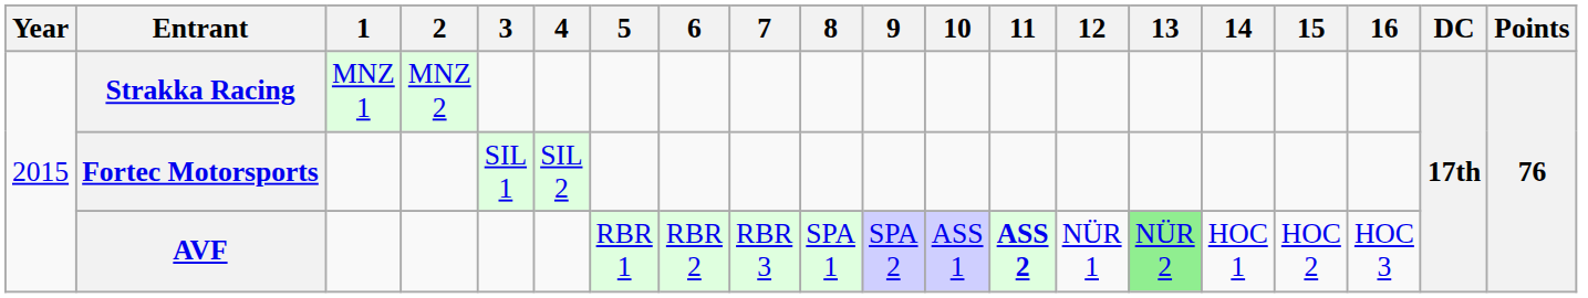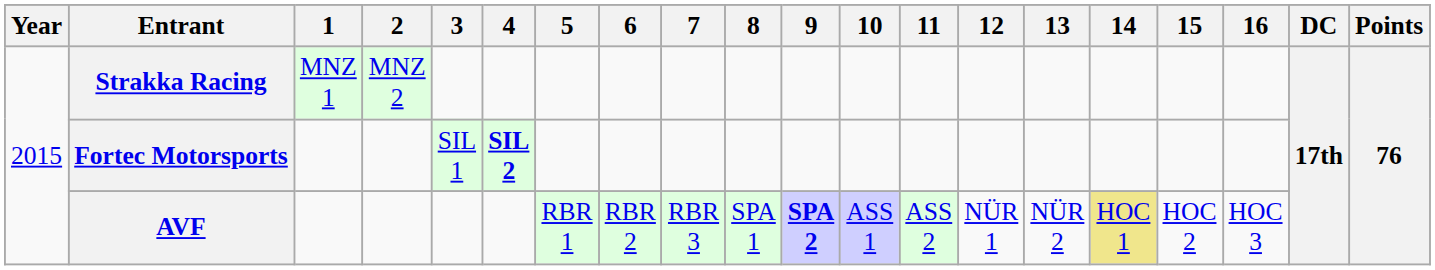 <table class="wikitable" style="text-align:center; font-size:85%">
 <tr>
 <th>Year</th>
 <th>Entrant</th>
 <th>1</th>
 <th>2</th>
 <th>3</th>
 <th>4</th>
 <th>5</th>
 <th>6</th>
 <th>7</th>
 <th>8</th>
 <th>9</th>
 <th>10</th>
 <th>11</th>
 <th>12</th>
 <th>13</th>
 <th>14</th>
 <th>15</th>
 <th>16</th>
 <th>DC</th>
 <th>Points</th>
 </tr>
 <tr>
 <td rowspan="3"><a href='#'>2015</a></td>
 <th nowrap><a href='#'>Strakka Racing</a></th>
 <td style="background:#dfffdf;"><a href='#'>MNZ<br>1</a><br></td>
 <td style="background:#dfffdf;"><a href='#'>MNZ<br>2</a><br></td>
 <td></td>
 <td></td>
 <td></td>
 <td></td>
 <td></td>
 <td></td>
 <td></td>
 <td></td>
 <td></td>
 <td></td>
 <td></td>
 <td></td>
 <td></td>
 <td></td>
 <th rowspan="3">17th</th>
 <th rowspan="3">76</th>
 </tr>
 <tr>
 <th nowrap><a href='#'>Fortec Motorsports</a></th>
 <td></td>
 <td></td>
 <td style="background:#dfffdf;"><a href='#'>SIL<br>1</a><br></td>
-<td style="background:#dfffdf;"><a href='#'>SIL<br>2</a><br></td>
+<td style="background:#dfffdf;"><strong><a href='#'>SIL<br>2</a><br></strong></td>
 <td></td>
 <td></td>
 <td></td>
 <td></td>
 <td></td>
 <td></td>
 <td></td>
 <td></td>
 <td></td>
 <td></td>
 <td></td>
 <td></td>
 </tr>
 <tr>
 <th nowrap><a href='#'>AVF</a></th>
 <td></td>
 <td></td>
 <td></td>
 <td></td>
 <td style="background:#dfffdf;"><a href='#'>RBR<br>1</a><br></td>
 <td style="background:#dfffdf;"><a href='#'>RBR<br>2</a><br></td>
 <td style="background:#dfffdf;"><a href='#'>RBR<br>3</a><br></td>
 <td style="background:#dfffdf;"><a href='#'>SPA<br>1</a><br></td>
-<td style="background:#cfcfff;"><a href='#'>SPA<br>2</a><br></td>
+<td style="background:#cfcfff;"><strong><a href='#'>SPA<br>2</a><br></strong></td>
 <td style="background:#cfcfff;"><a href='#'>ASS<br>1</a><br></td>
-<td style="background:#dfffdf;"><strong><a href='#'>ASS<br>2</a><br></strong></td>
+<td style="background:#dfffdf;"><a href='#'>ASS<br>2</a><br></td>
 <td><a href='#'>NÜR<br>1</a></td>
-<td style="background: lightgreen;"><a href='#'>NÜR<br>2</a></td>
-<td><a href='#'>HOC<br>1</a></td>
+<td><a href='#'>NÜR<br>2</a></td>
+<td style="background: khaki;"><a href='#'>HOC<br>1</a></td>
 <td><a href='#'>HOC<br>2</a></td>
 <td><a href='#'>HOC<br>3</a></td>
 </tr>
 </table>
